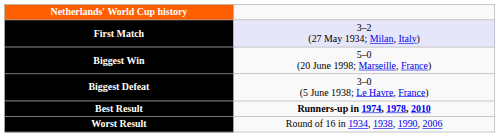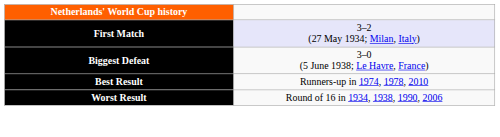 <table class="wikitable collapsible collapsed" style="width:50%;text-align:center">
 <tr>
 <th style="background:#FF5F00; color:white; ">Netherlands' World Cup history</th>
 </tr>
 <tr>
 <th style="background:black; color:white; ">First Match</th>
 <td style="background: lavender;"> 3–2 <br>(27 May 1934; <a href='#'>Milan</a>, <a href='#'>Italy</a>)</td>
 </tr>
 <tr>
-<th style="background:black; color:white; ">Biggest Win</th>
-<td> 5–0 <br>(20 June 1998; <a href='#'>Marseille</a>, <a href='#'>France</a>)</td>
-</tr>
-<tr>
 <th style="background:black; color:white; ">Biggest Defeat</th>
 <td> 3–0 <br>(5 June 1938; <a href='#'>Le Havre</a>, <a href='#'>France</a>)</td>
 </tr>
 <tr>
 <th style="background:black; color:white; ">Best Result</th>
-<td><strong>Runners-up in <a href='#'>1974</a>, <a href='#'>1978</a>, <a href='#'>2010</a></strong></td>
+<td>Runners-up in <a href='#'>1974</a>, <a href='#'>1978</a>, <a href='#'>2010</a></td>
 </tr>
 <tr>
 <th style="background:black; color:white; ">Worst Result</th>
 <td>Round of 16 in <a href='#'>1934</a>, <a href='#'>1938</a>, <a href='#'>1990</a>, <a href='#'>2006</a></td>
 </tr>
 </table>
